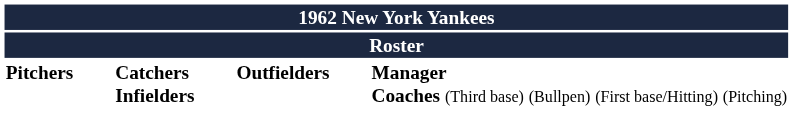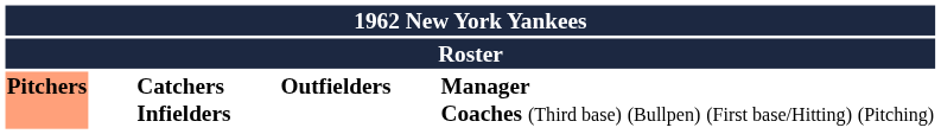 <table class="toccolours" style="font-size: 95%;">
 <tr>
 <th colspan="10" style="background:#1c2841; color:white; text-align:center;">1962 New York Yankees</th>
 </tr>
 <tr>
 <td colspan="10" style="background:#1c2841; color:white; text-align:center;"><strong>Roster</strong></td>
 </tr>
 <tr>
-<td valign="top"><strong>Pitchers</strong><br>              </td>
+<td valign="top" style="background: lightsalmon;"><strong>Pitchers</strong><br>              </td>
 <td style="width:25px;"></td>
 <td valign="top"><strong>Catchers</strong><br>  <strong>Infielders</strong>         </td>
 <td style="width:25px;"></td>
 <td valign="top"><strong>Outfielders</strong><br>      </td>
 <td style="width:25px;"></td>
 <td valign="top"><strong>Manager</strong><br> <strong>Coaches</strong>  <small>(Third base)</small>  <small>(Bullpen)</small>  <small>(First base/Hitting)</small>  <small>(Pitching)</small></td>
 </tr>
 </table>
